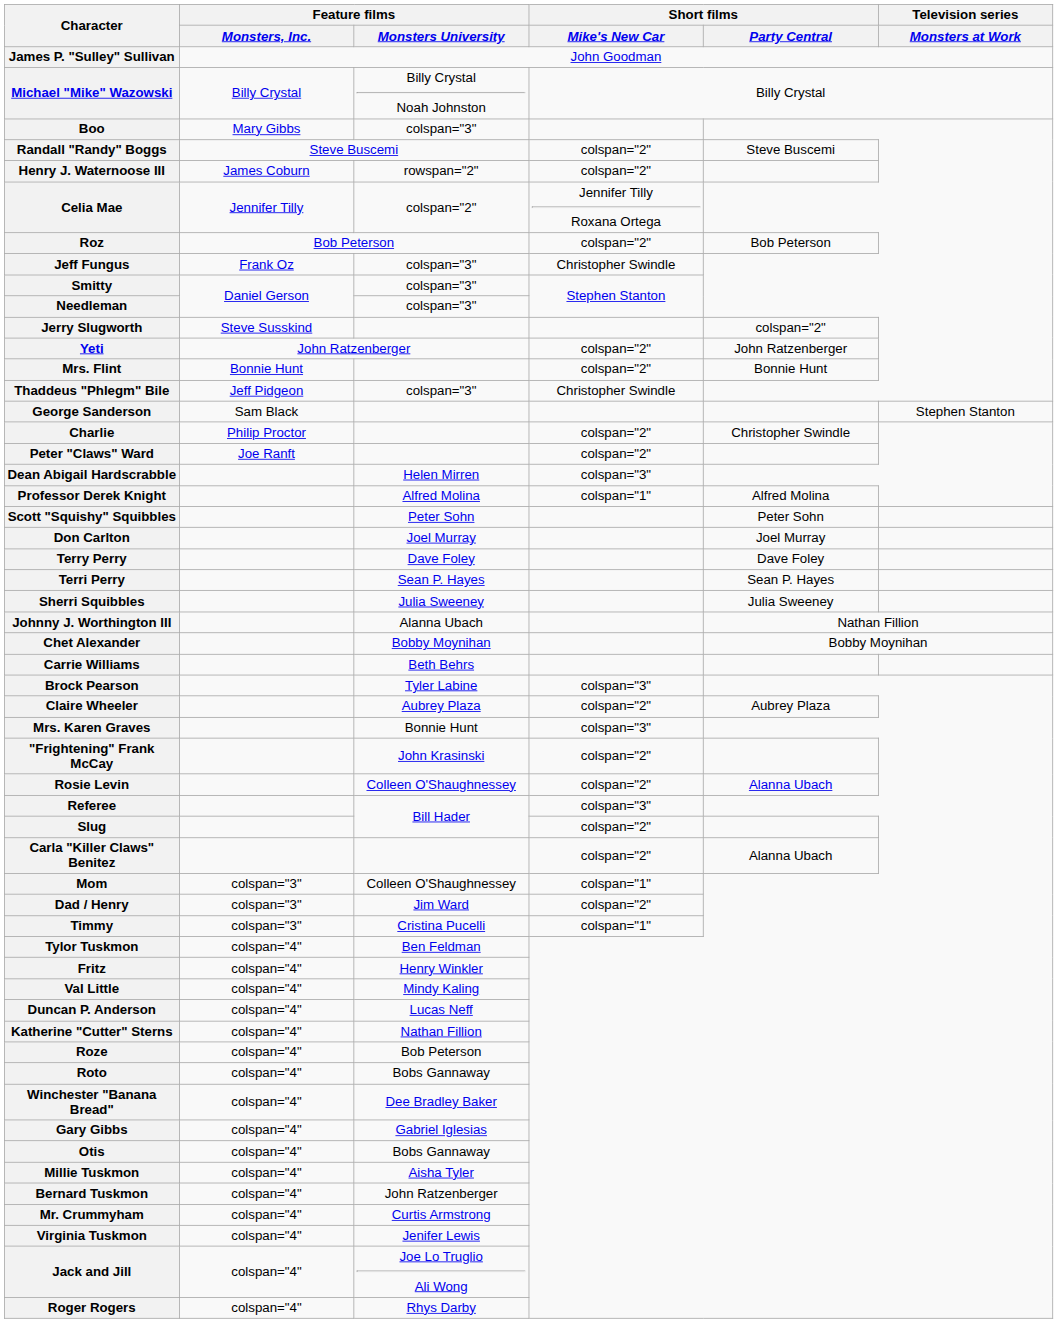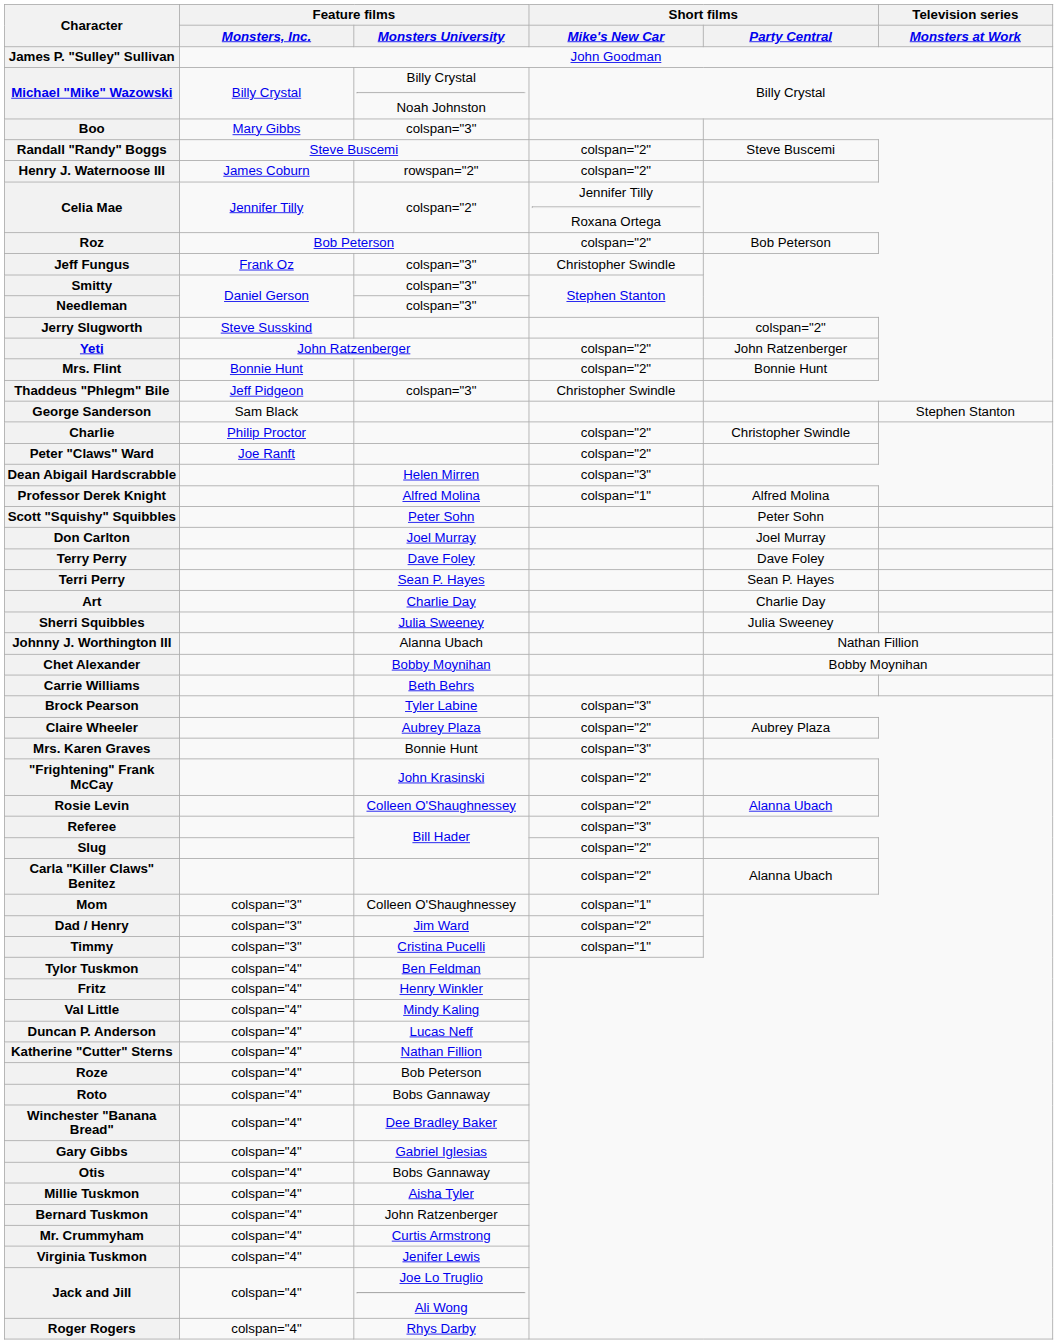 <table class="wikitable" width="100%" style="text-align:center">
 <tr>
 <th rowspan="2" width="15%">Character</th>
 <th colspan="2" width="15%">Feature films</th>
 <th colspan="2" width="15%">Short films</th>
 <th width="15%">Television series</th>
 </tr>
 <tr>
 <th width="15%"><em><a href='#'>Monsters, Inc.</a></em></th>
 <th width="15%"><em><a href='#'>Monsters University</a></em></th>
 <th width="15%"><em><a href='#'>Mike's New Car</a></em></th>
 <th width="15%"><em><a href='#'>Party Central</a></em></th>
 <th width="15%"><em><a href='#'>Monsters at Work</a></em></th>
 </tr>
 <tr>
 <th>James P. "Sulley" Sullivan</th>
 <td colspan="5"><a href='#'>John Goodman</a></td>
 </tr>
 <tr>
 <th><a href='#'>Michael "Mike" Wazowski</a></th>
 <td><a href='#'>Billy Crystal</a></td>
 <td>Billy Crystal<hr>Noah Johnston</td>
 <td colspan="3">Billy Crystal</td>
 </tr>
 <tr>
 <th>Boo</th>
 <td><a href='#'>Mary Gibbs</a></td>
 <td>colspan="3" </td>
 <td></td>
 </tr>
 <tr>
 <th>Randall "Randy" Boggs</th>
 <td colspan="2"><a href='#'>Steve Buscemi</a></td>
 <td>colspan="2" </td>
 <td>Steve Buscemi</td>
 </tr>
 <tr>
 <th>Henry J. Waternoose III</th>
 <td><a href='#'>James Coburn</a></td>
 <td>rowspan="2" </td>
 <td>colspan="2" </td>
 <td></td>
 </tr>
 <tr>
 <th>Celia Mae</th>
 <td><a href='#'>Jennifer Tilly</a></td>
 <td>colspan="2" </td>
 <td>Jennifer Tilly<hr>Roxana Ortega</td>
 </tr>
 <tr>
 <th>Roz<br></th>
 <td colspan="2"><a href='#'>Bob Peterson</a></td>
 <td>colspan="2" </td>
 <td>Bob Peterson</td>
 </tr>
 <tr>
 <th>Jeff Fungus</th>
 <td><a href='#'>Frank Oz</a></td>
 <td>colspan="3" </td>
 <td>Christopher Swindle</td>
 </tr>
 <tr>
 <th>Smitty</th>
 <td rowspan="2"><a href='#'>Daniel Gerson</a></td>
 <td>colspan="3" </td>
 <td rowspan="2"><a href='#'>Stephen Stanton</a></td>
 </tr>
 <tr>
 <th>Needleman</th>
 <td>colspan="3" </td>
 </tr>
 <tr>
 <th>Jerry Slugworth</th>
 <td><a href='#'>Steve Susskind</a></td>
 <td></td>
 <td></td>
 <td>colspan="2" </td>
 </tr>
 <tr>
 <th><a href='#'>Yeti</a><br></th>
 <td colspan="2"><a href='#'>John Ratzenberger</a></td>
 <td>colspan="2" </td>
 <td>John Ratzenberger</td>
 </tr>
 <tr>
 <th>Mrs. Flint</th>
 <td><a href='#'>Bonnie Hunt</a></td>
 <td></td>
 <td>colspan="2" </td>
 <td>Bonnie Hunt</td>
 </tr>
 <tr>
 <th>Thaddeus "Phlegm" Bile</th>
 <td><a href='#'>Jeff Pidgeon</a></td>
 <td>colspan="3" </td>
 <td>Christopher Swindle</td>
 </tr>
 <tr>
 <th>George Sanderson</th>
 <td>Sam Black</td>
 <td></td>
 <td></td>
 <td></td>
 <td>Stephen Stanton</td>
 </tr>
 <tr>
 <th>Charlie</th>
 <td><a href='#'>Philip Proctor</a></td>
 <td></td>
 <td>colspan="2" </td>
 <td>Christopher Swindle</td>
 </tr>
 <tr>
 <th>Peter "Claws" Ward</th>
 <td><a href='#'>Joe Ranft</a></td>
 <td></td>
 <td>colspan="2" </td>
 <td></td>
 </tr>
 <tr>
 <th>Dean Abigail Hardscrabble</th>
 <td></td>
 <td><a href='#'>Helen Mirren</a></td>
 <td>colspan="3" </td>
 </tr>
 <tr>
 <th>Professor Derek Knight</th>
 <td></td>
 <td><a href='#'>Alfred Molina</a></td>
 <td>colspan="1" </td>
 <td>Alfred Molina</td>
 </tr>
 <tr>
 <th>Scott "Squishy" Squibbles</th>
 <td></td>
 <td><a href='#'>Peter Sohn</a></td>
 <td></td>
 <td>Peter Sohn</td>
 <td></td>
 </tr>
 <tr>
 <th>Don Carlton</th>
 <td></td>
 <td><a href='#'>Joel Murray</a></td>
 <td></td>
 <td>Joel Murray</td>
 <td></td>
 </tr>
 <tr>
 <th>Terry Perry</th>
 <td></td>
 <td><a href='#'>Dave Foley</a></td>
 <td></td>
 <td>Dave Foley</td>
 <td></td>
 </tr>
 <tr>
 <th>Terri Perry</th>
 <td></td>
 <td><a href='#'>Sean P. Hayes</a></td>
 <td></td>
 <td>Sean P. Hayes</td>
+<td></td>
+</tr>
+<tr>
+<th>Art</th>
+<td></td>
+<td><a href='#'>Charlie Day</a></td>
+<td></td>
+<td>Charlie Day</td>
 <td></td>
 </tr>
 <tr>
 <th>Sherri Squibbles</th>
 <td></td>
 <td><a href='#'>Julia Sweeney</a></td>
 <td></td>
 <td>Julia Sweeney</td>
 <td></td>
 </tr>
 <tr>
 <th>Johnny J. Worthington III</th>
 <td></td>
 <td>Alanna Ubach</td>
 <td></td>
 <td colspan="2">Nathan Fillion</td>
 </tr>
 <tr>
 <th>Chet Alexander</th>
 <td></td>
 <td><a href='#'>Bobby Moynihan</a></td>
 <td></td>
 <td colspan="2">Bobby Moynihan</td>
 </tr>
 <tr>
 <th>Carrie Williams</th>
 <td></td>
 <td><a href='#'>Beth Behrs</a></td>
 <td></td>
 <td></td>
 <td></td>
 </tr>
 <tr>
 <th>Brock Pearson</th>
 <td></td>
 <td><a href='#'>Tyler Labine</a></td>
 <td>colspan="3" </td>
 </tr>
 <tr>
 <th>Claire Wheeler</th>
 <td></td>
 <td><a href='#'>Aubrey Plaza</a></td>
 <td>colspan="2" </td>
 <td>Aubrey Plaza</td>
 </tr>
 <tr>
 <th>Mrs. Karen Graves</th>
 <td></td>
 <td>Bonnie Hunt</td>
 <td>colspan="3" </td>
 </tr>
 <tr>
 <th>"Frightening" Frank McCay</th>
 <td></td>
 <td><a href='#'>John Krasinski</a></td>
 <td>colspan="2" </td>
 <td></td>
 </tr>
 <tr>
 <th>Rosie Levin</th>
 <td></td>
 <td><a href='#'>Colleen O'Shaughnessey</a></td>
 <td>colspan="2" </td>
 <td><a href='#'>Alanna Ubach</a></td>
 </tr>
 <tr>
 <th>Referee</th>
 <td></td>
 <td rowspan="2"><a href='#'>Bill Hader</a></td>
 <td>colspan="3" </td>
 </tr>
 <tr>
 <th>Slug</th>
 <td></td>
 <td>colspan="2" </td>
 <td></td>
 </tr>
 <tr>
 <th>Carla "Killer Claws" Benitez</th>
 <td></td>
 <td></td>
 <td>colspan="2" </td>
 <td>Alanna Ubach</td>
 </tr>
 <tr>
 <th>Mom</th>
 <td>colspan="3" </td>
 <td>Colleen O'Shaughnessey</td>
 <td>colspan="1" </td>
 </tr>
 <tr>
 <th>Dad / Henry</th>
 <td>colspan="3" </td>
 <td><a href='#'>Jim Ward</a></td>
 <td>colspan="2" </td>
 </tr>
 <tr>
 <th>Timmy</th>
 <td>colspan="3" </td>
 <td><a href='#'>Cristina Pucelli</a></td>
 <td>colspan="1" </td>
 </tr>
 <tr>
 <th>Tylor Tuskmon</th>
 <td>colspan="4" </td>
 <td><a href='#'>Ben Feldman</a></td>
 </tr>
 <tr>
 <th>Fritz</th>
 <td>colspan="4" </td>
 <td><a href='#'>Henry Winkler</a></td>
 </tr>
 <tr>
 <th>Val Little</th>
 <td>colspan="4" </td>
 <td><a href='#'>Mindy Kaling</a></td>
 </tr>
 <tr>
 <th>Duncan P. Anderson</th>
 <td>colspan="4" </td>
 <td><a href='#'>Lucas Neff</a></td>
 </tr>
 <tr>
 <th>Katherine "Cutter" Sterns</th>
 <td>colspan="4" </td>
 <td><a href='#'>Nathan Fillion</a></td>
 </tr>
 <tr>
 <th>Roze</th>
 <td>colspan="4" </td>
 <td>Bob Peterson</td>
 </tr>
 <tr>
 <th>Roto</th>
 <td>colspan="4" </td>
 <td>Bobs Gannaway</td>
 </tr>
 <tr>
 <th>Winchester "Banana Bread"</th>
 <td>colspan="4" </td>
 <td><a href='#'>Dee Bradley Baker</a></td>
 </tr>
 <tr>
 <th>Gary Gibbs</th>
 <td>colspan="4" </td>
 <td><a href='#'>Gabriel Iglesias</a></td>
 </tr>
 <tr>
 <th>Otis</th>
 <td>colspan="4" </td>
 <td>Bobs Gannaway</td>
 </tr>
 <tr>
 <th>Millie Tuskmon</th>
 <td>colspan="4" </td>
 <td><a href='#'>Aisha Tyler</a></td>
 </tr>
 <tr>
 <th>Bernard Tuskmon</th>
 <td>colspan="4" </td>
 <td>John Ratzenberger</td>
 </tr>
 <tr>
 <th>Mr. Crummyham</th>
 <td>colspan="4" </td>
 <td><a href='#'>Curtis Armstrong</a></td>
 </tr>
 <tr>
 <th>Virginia Tuskmon<br></th>
 <td>colspan="4" </td>
 <td><a href='#'>Jenifer Lewis</a></td>
 </tr>
 <tr>
 <th>Jack and Jill</th>
 <td>colspan="4" </td>
 <td><a href='#'>Joe Lo Truglio</a><hr><a href='#'>Ali Wong</a></td>
 </tr>
 <tr>
 <th>Roger Rogers<br></th>
 <td>colspan="4" </td>
 <td><a href='#'>Rhys Darby</a></td>
 </tr>
 </table>
